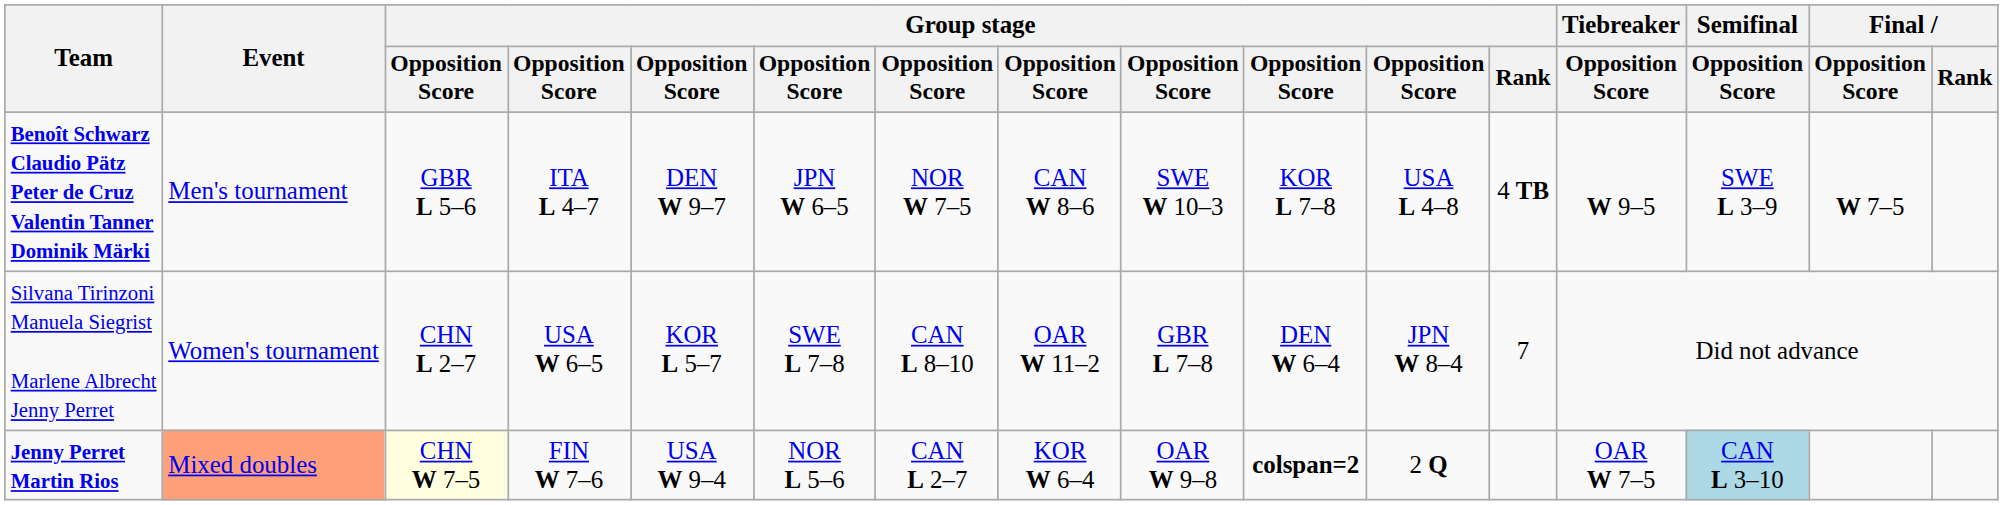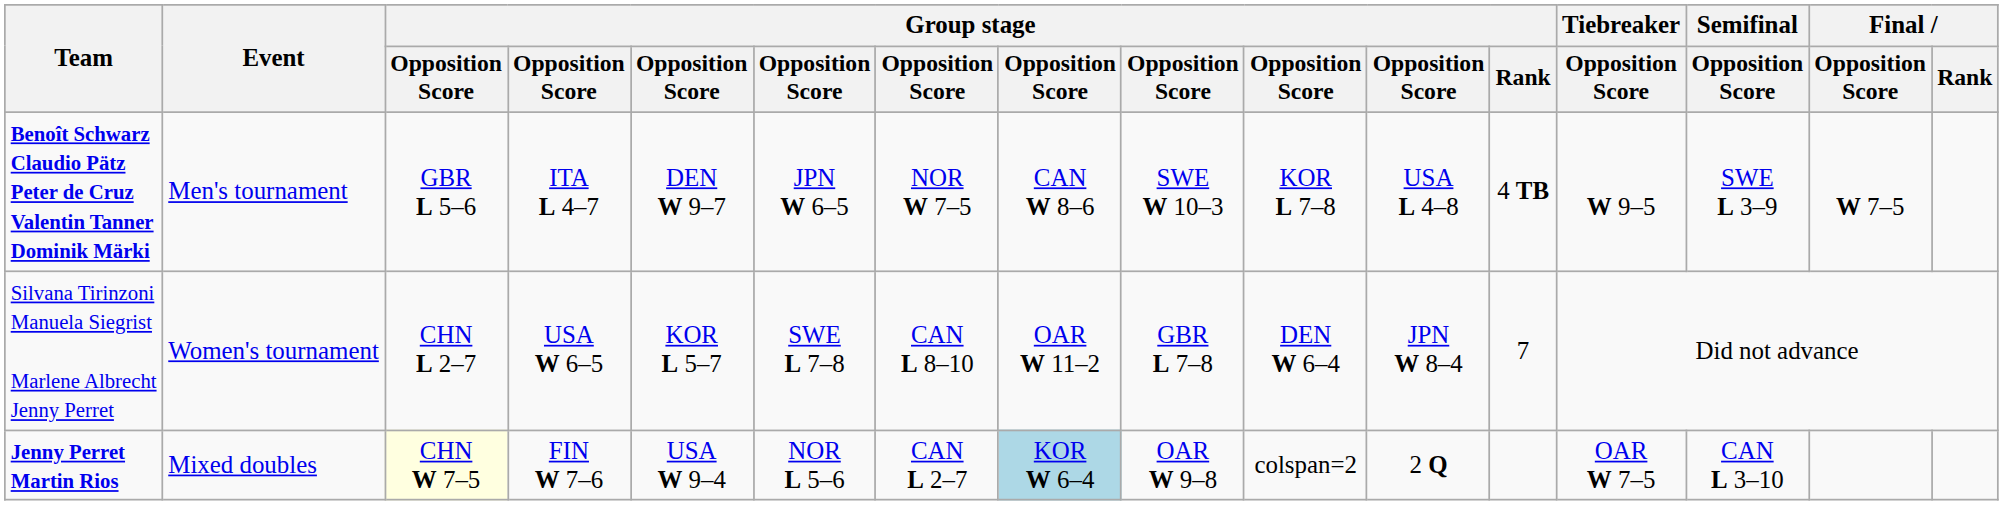 <table class="wikitable" style="font-size:90%">
 <tr>
 <th rowspan=2>Team</th>
 <th rowspan=2>Event</th>
 <th colspan=10>Group stage</th>
 <th>Tiebreaker</th>
 <th>Semifinal</th>
 <th colspan=2>Final / </th>
 </tr>
 <tr style="font-size:95%">
 <th>Opposition<br>Score</th>
 <th>Opposition<br>Score</th>
 <th>Opposition<br>Score</th>
 <th>Opposition<br>Score</th>
 <th>Opposition<br>Score</th>
 <th>Opposition<br>Score</th>
 <th>Opposition<br>Score</th>
 <th>Opposition<br>Score</th>
 <th>Opposition<br>Score</th>
 <th>Rank</th>
 <th>Opposition<br>Score</th>
 <th>Opposition<br>Score</th>
 <th>Opposition<br>Score</th>
 <th>Rank</th>
 </tr>
 <tr align=center>
 <td align=left><strong><small><a href='#'>Benoît Schwarz</a><br><a href='#'>Claudio Pätz</a><br><a href='#'>Peter de Cruz</a><br><a href='#'>Valentin Tanner</a><br><a href='#'>Dominik Märki</a></small></strong></td>
 <td align=left><a href='#'>Men's tournament</a></td>
 <td> <a href='#'>GBR</a><br> <strong>L</strong> 5–6</td>
 <td> <a href='#'>ITA</a><br> <strong>L</strong> 4–7</td>
 <td> <a href='#'>DEN</a><br> <strong>W</strong> 9–7</td>
 <td> <a href='#'>JPN</a><br> <strong>W</strong> 6–5</td>
 <td> <a href='#'>NOR</a><br> <strong>W</strong> 7–5</td>
 <td> <a href='#'>CAN</a><br> <strong>W</strong> 8–6</td>
 <td> <a href='#'>SWE</a><br> <strong>W</strong> 10–3</td>
 <td> <a href='#'>KOR</a><br> <strong>L</strong> 7–8</td>
 <td> <a href='#'>USA</a><br> <strong>L</strong> 4–8</td>
 <td>4 <strong>TB</strong></td>
 <td><br> <strong>W</strong> 9–5</td>
 <td> <a href='#'>SWE</a><br> <strong>L</strong> 3–9</td>
 <td><br> <strong>W</strong> 7–5</td>
 <td></td>
 </tr>
 <tr align=center>
 <td align=left><small><a href='#'>Silvana Tirinzoni</a><br><a href='#'>Manuela Siegrist</a><br><br><a href='#'>Marlene Albrecht</a><br><a href='#'>Jenny Perret</a></small></td>
 <td align=left><a href='#'>Women's tournament</a></td>
 <td> <a href='#'>CHN</a><br><strong>L</strong> 2–7</td>
 <td> <a href='#'>USA</a><br> <strong>W</strong> 6–5</td>
 <td> <a href='#'>KOR</a><br> <strong>L</strong> 5–7</td>
 <td> <a href='#'>SWE</a><br> <strong>L</strong> 7–8</td>
 <td> <a href='#'>CAN</a><br> <strong>L</strong> 8–10</td>
 <td> <a href='#'>OAR</a><br> <strong>W</strong> 11–2</td>
 <td> <a href='#'>GBR</a><br> <strong>L</strong> 7–8</td>
 <td> <a href='#'>DEN</a><br> <strong>W</strong> 6–4</td>
 <td> <a href='#'>JPN</a><br> <strong>W</strong> 8–4</td>
 <td>7</td>
 <td colspan=4>Did not advance</td>
 </tr>
 <tr align=center>
 <td align=left><small><strong><a href='#'>Jenny Perret</a></strong><br><strong><a href='#'>Martin Rios</a></strong></small></td>
-<td align=left style="background: lightsalmon;"><a href='#'>Mixed doubles</a></td>
+<td align=left><a href='#'>Mixed doubles</a></td>
 <td style="background: lightyellow;"> <a href='#'>CHN</a><br> <strong>W</strong> 7–5</td>
 <td> <a href='#'>FIN</a><br> <strong>W</strong> 7–6</td>
 <td> <a href='#'>USA</a><br> <strong>W</strong> 9–4</td>
 <td> <a href='#'>NOR</a><br> <strong>L</strong> 5–6</td>
 <td> <a href='#'>CAN</a><br> <strong>L</strong> 2–7</td>
-<td> <a href='#'>KOR</a><br> <strong>W</strong> 6–4</td>
+<td style="background: lightblue;"> <a href='#'>KOR</a><br> <strong>W</strong> 6–4</td>
 <td> <a href='#'>OAR</a><br> <strong>W</strong> 9–8</td>
-<td><strong>colspan=2 </strong></td>
+<td>colspan=2 </td>
 <td>2 <strong>Q</strong></td>
 <td></td>
 <td> <a href='#'>OAR</a><br> <strong>W</strong> 7–5</td>
-<td style="background: lightblue;"> <a href='#'>CAN</a><br> <strong>L</strong> 3–10</td>
+<td> <a href='#'>CAN</a><br> <strong>L</strong> 3–10</td>
 <td></td>
 </tr>
 </table>
